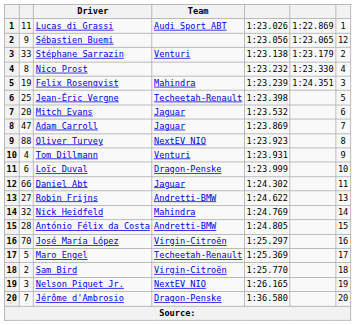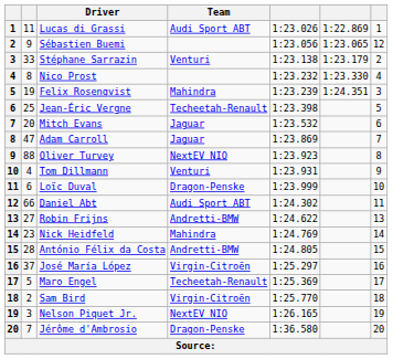 <table class="wikitable sortable" style="font-size: 85%">
 <tr>
 <th scope="col"></th>
 <th scope="col"></th>
 <th scope="col">Driver</th>
 <th scope="col">Team</th>
 <th scope="col"></th>
 <th scope="col"></th>
 <th scope="col"></th>
 </tr>
 <tr>
 <th scope="row">1</th>
 <td align="center">11</td>
 <td data-sort-value="DIG"> <a href='#'>Lucas di Grassi</a></td>
 <td><a href='#'>Audi Sport ABT</a></td>
 <td>1:23.026</td>
 <td>1:22.869</td>
 <td align="center">1</td>
 </tr>
 <tr>
 <th scope="row">2</th>
 <td align="center">9</td>
 <td data-sort-value="BUE"> <a href='#'>Sébastien Buemi</a></td>
 <td><a href='#'></a></td>
 <td>1:23.056</td>
 <td>1:23.065</td>
 <td align="center">12</td>
 </tr>
 <tr>
 <th scope="row">3</th>
 <td align="center">33</td>
 <td data-sort-value="SAR"> <a href='#'>Stéphane Sarrazin</a></td>
 <td><a href='#'>Venturi</a></td>
 <td>1:23.138</td>
 <td>1:23.179</td>
 <td align="center">2</td>
 </tr>
 <tr>
 <th scope="row">4</th>
 <td align="center">8</td>
 <td data-sort-value="PRO"> <a href='#'>Nico Prost</a></td>
 <td><a href='#'></a></td>
 <td>1:23.232</td>
 <td>1:23.330</td>
 <td align="center">4</td>
 </tr>
 <tr>
 <th scope="row">5</th>
 <td align="center">19</td>
 <td data-sort-value="ROS"> <a href='#'>Felix Rosenqvist</a></td>
 <td><a href='#'>Mahindra</a></td>
 <td>1:23.239</td>
 <td>1:24.351</td>
 <td align="center">3</td>
 </tr>
 <tr>
 <th scope="row">6</th>
 <td align="center">25</td>
 <td data-sort-value="VER"> <a href='#'>Jean-Éric Vergne</a></td>
 <td><a href='#'>Techeetah-Renault</a></td>
 <td>1:23.398</td>
 <td></td>
 <td align="center">5</td>
 </tr>
 <tr>
 <th scope="row">7</th>
 <td align="center">20</td>
 <td data-sort-value="EVA"> <a href='#'>Mitch Evans</a></td>
 <td><a href='#'>Jaguar</a></td>
 <td>1:23.532</td>
 <td></td>
 <td align="center">6</td>
 </tr>
 <tr>
 <th scope="row">8</th>
 <td align="center">47</td>
 <td data-sort-value="CAR"> <a href='#'>Adam Carroll</a></td>
 <td><a href='#'>Jaguar</a></td>
 <td>1:23.869</td>
 <td></td>
 <td align="center">7</td>
 </tr>
 <tr>
 <th scope="row">9</th>
 <td align="center">88</td>
 <td data-sort-value="TUR"> <a href='#'>Oliver Turvey</a></td>
 <td><a href='#'>NextEV NIO</a></td>
 <td>1:23.923</td>
 <td></td>
 <td align="center">8</td>
 </tr>
 <tr>
 <th scope="row">10</th>
 <td align="center">4</td>
 <td data-sort-value="DIL"> <a href='#'>Tom Dillmann</a></td>
 <td><a href='#'>Venturi</a></td>
 <td>1:23.931</td>
 <td></td>
 <td align="center">9</td>
 </tr>
 <tr>
 <th scope="row">11</th>
 <td align="center">6</td>
 <td data-sort-value="DUV"> <a href='#'>Loïc Duval</a></td>
 <td><a href='#'>Dragon-Penske</a></td>
 <td>1:23.999</td>
 <td></td>
 <td align="center">10</td>
 </tr>
 <tr>
 <th scope="row">12</th>
 <td align="center">66</td>
 <td data-sort-value="ABT"> <a href='#'>Daniel Abt</a></td>
-<td><a href='#'>Jaguar</a></td>
+<td><a href='#'>Audi Sport ABT</a></td>
 <td>1:24.302</td>
 <td></td>
 <td align="center">11</td>
 </tr>
 <tr>
 <th scope="row">13</th>
 <td align="center">27</td>
 <td data-sort-value="FRI"> <a href='#'>Robin Frijns</a></td>
 <td><a href='#'>Andretti-BMW</a></td>
 <td>1:24.622</td>
 <td></td>
 <td align="center">13</td>
 </tr>
 <tr>
 <th scope="row">14</th>
-<td align="center">32</td>
+<td align="center">23</td>
 <td data-sort-value="HEI"> <a href='#'>Nick Heidfeld</a></td>
 <td><a href='#'>Mahindra</a></td>
 <td>1:24.769</td>
 <td></td>
 <td align="center">14</td>
 </tr>
 <tr>
 <th scope="row">15</th>
 <td align="center">28</td>
 <td data-sort-value="FDC"> <a href='#'>António Félix da Costa</a></td>
 <td><a href='#'>Andretti-BMW</a></td>
 <td>1:24.805</td>
 <td></td>
 <td align="center">15</td>
 </tr>
 <tr>
 <th scope="row">16</th>
-<td align="center">70</td>
+<td align="center">37</td>
 <td data-sort-value="LOP"> <a href='#'>José María López</a></td>
 <td><a href='#'>Virgin-Citroën</a></td>
 <td>1:25.297</td>
 <td></td>
 <td align="center">16</td>
 </tr>
 <tr>
 <th scope="row">17</th>
 <td align="center">5</td>
 <td data-sort-value="ENG"> <a href='#'>Maro Engel</a></td>
 <td><a href='#'>Techeetah-Renault</a></td>
 <td>1:25.369</td>
 <td></td>
 <td align="center">17</td>
 </tr>
 <tr>
 <th scope="row">18</th>
 <td align="center">2</td>
 <td data-sort-value="BIR"> <a href='#'>Sam Bird</a></td>
 <td><a href='#'>Virgin-Citroën</a></td>
 <td>1:25.770</td>
 <td></td>
 <td align="center">18</td>
 </tr>
 <tr>
 <th scope="row">19</th>
 <td align="center">3</td>
 <td data-sort-value="PIQ"> <a href='#'>Nelson Piquet Jr.</a></td>
 <td><a href='#'>NextEV NIO</a></td>
 <td>1:26.165</td>
 <td></td>
 <td align="center">19</td>
 </tr>
 <tr>
 <th scope="row">20</th>
 <td align="center">7</td>
 <td data-sort-value="DAM"> <a href='#'>Jérôme d'Ambrosio</a></td>
 <td><a href='#'>Dragon-Penske</a></td>
 <td>1:36.580</td>
 <td></td>
 <td align="center">20</td>
 </tr>
 <tr>
 <th colspan="7">Source:</th>
 </tr>
 </table>
